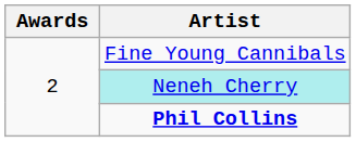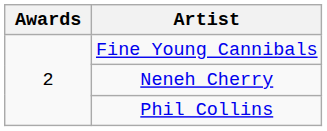 <table class="wikitable" rowspan="2" style="text-align:center;">
 <tr>
 <th scope="col" style="width:55px;">Awards</th>
 <th scope="col" style="text-align:center;">Artist</th>
 </tr>
 <tr>
 <td rowspan="3">2</td>
 <td><a href='#'>Fine Young Cannibals</a></td>
 </tr>
 <tr>
-<td style="background: paleturquoise;"><a href='#'>Neneh Cherry</a></td>
+<td><a href='#'>Neneh Cherry</a></td>
 </tr>
 <tr>
-<td><strong><a href='#'>Phil Collins</a></strong></td>
+<td><a href='#'>Phil Collins</a></td>
 </tr>
 </table>
